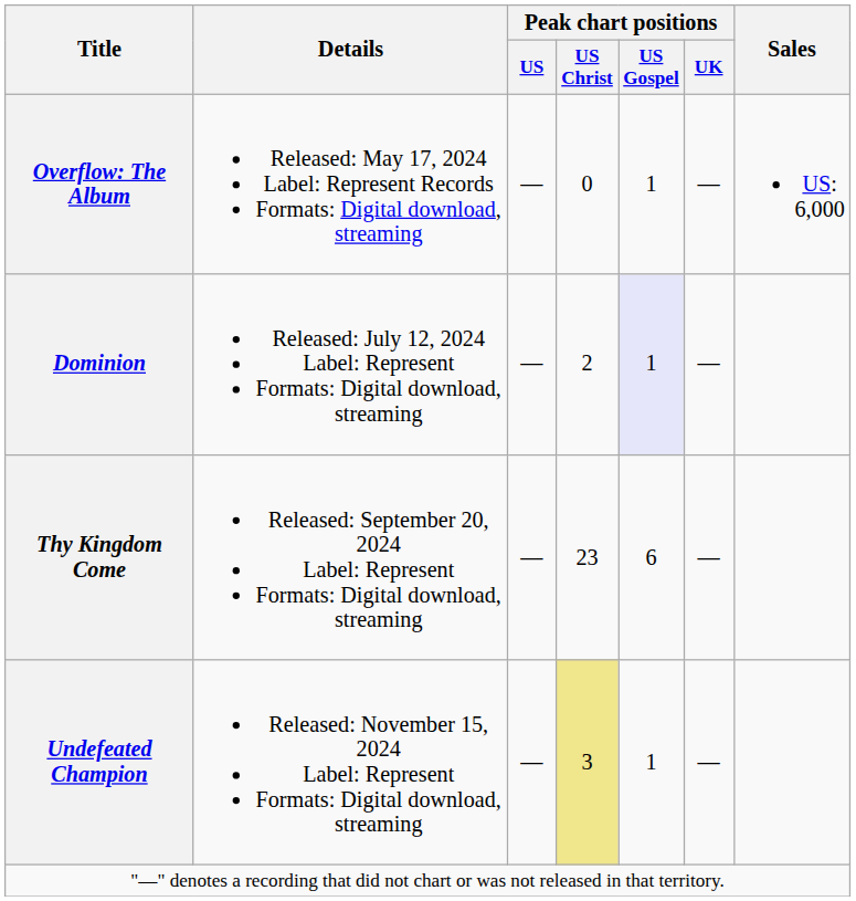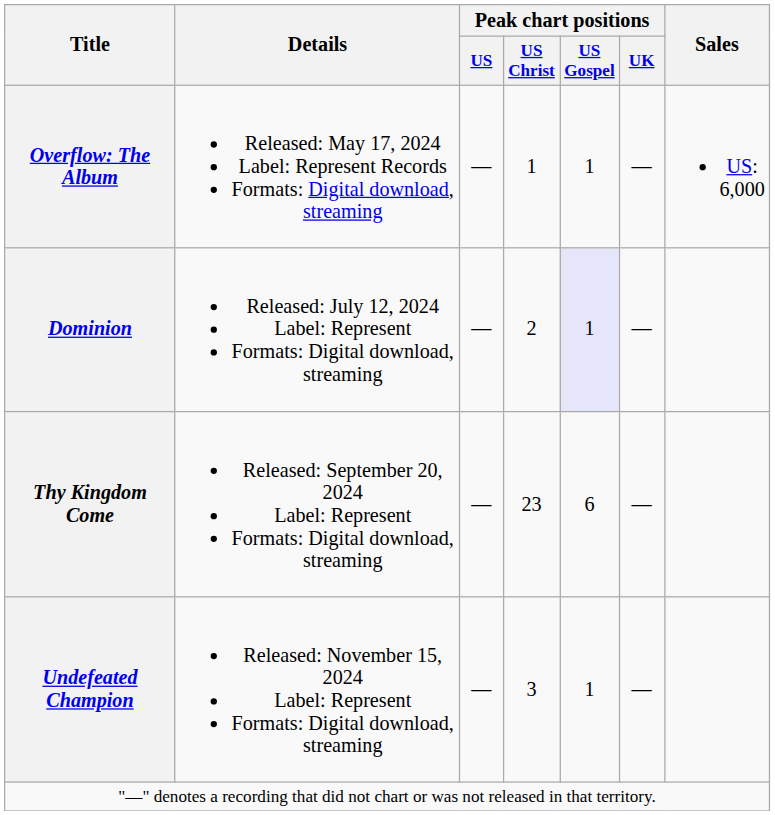 <table class="wikitable plainrowheaders" style="text-align:center;">
 <tr>
 <th rowspan="2" scope="col" style="width:12em;">Title</th>
 <th rowspan="2" scope="col" style="width:22em;">Details</th>
 <th colspan="4">Peak chart positions</th>
 <th rowspan="2">Sales</th>
 </tr>
 <tr>
 <th scope="col" style="width:3em;font-size:85%;"><a href='#'>US</a><br></th>
 <th scope="col" style="width:3em;font-size:85%;"><a href='#'>US<br>Christ</a><br></th>
 <th scope="col" style="width:3em;font-size:85%;"><a href='#'>US<br>Gospel</a><br></th>
 <th scope="col" style="width:3em;font-size:85%;"><a href='#'>UK</a><br></th>
 </tr>
 <tr>
 <th scope="row"><em><a href='#'>Overflow: The Album</a></em></th>
 <td><br><ul><li>Released: May 17, 2024</li><li>Label: Represent Records</li><li>Formats: <a href='#'>Digital download</a>, <a href='#'>streaming</a></li></ul></td>
 <td>—</td>
-<td>0</td>
+<td>1</td>
 <td>1</td>
 <td>—</td>
 <td><br><ul><li><a href='#'>US</a>: 6,000</li></ul></td>
 </tr>
 <tr>
 <th scope="row"><em><a href='#'>Dominion</a></em></th>
 <td><br><ul><li>Released: July 12, 2024</li><li>Label: Represent</li><li>Formats: Digital download, streaming</li></ul></td>
 <td>—</td>
 <td>2</td>
 <td style="background: lavender;">1</td>
 <td>—</td>
 <td></td>
 </tr>
 <tr>
 <th scope="row"><em>Thy Kingdom Come</em></th>
 <td><br><ul><li>Released: September 20, 2024</li><li>Label: Represent</li><li>Formats: Digital download, streaming</li></ul></td>
 <td>—</td>
 <td>23</td>
 <td>6</td>
 <td>—</td>
 <td></td>
 </tr>
 <tr>
 <th scope="row"><em><a href='#'>Undefeated Champion</a></em></th>
 <td><br><ul><li>Released: November 15, 2024</li><li>Label: Represent</li><li>Formats: Digital download, streaming</li></ul></td>
 <td>—</td>
-<td style="background: khaki;">3</td>
+<td>3</td>
 <td>1</td>
 <td>—</td>
 <td></td>
 </tr>
 <tr>
 <td colspan="17" style="font-size:85%">"—" denotes a recording that did not chart or was not released in that territory.</td>
 </tr>
 </table>
